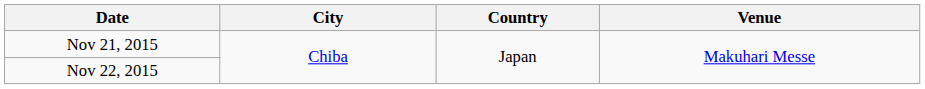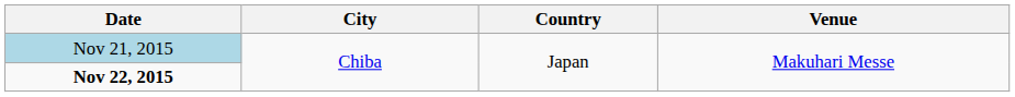 <table class="wikitable" style="text-align:center;">
 <tr>
 <th style="width:200px;">Date</th>
 <th style="width:200px;">City</th>
 <th style="width:150px;">Country</th>
 <th style="width:300px;">Venue</th>
 </tr>
 <tr>
-<td>Nov 21, 2015</td>
+<td style="background: lightblue;">Nov 21, 2015</td>
 <td rowspan="2"><a href='#'>Chiba</a></td>
 <td rowspan="2">Japan</td>
 <td rowspan="2"><a href='#'>Makuhari Messe</a></td>
 </tr>
 <tr>
-<td>Nov 22, 2015</td>
+<td><strong>Nov 22, 2015</strong></td>
 </tr>
 </table>
